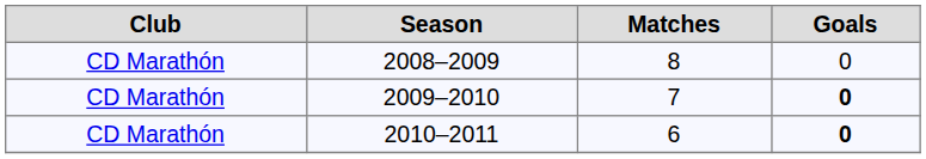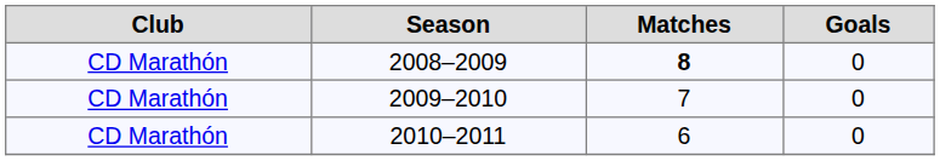 <table align="center" bgcolor="#f7f8ff" cellpadding="3" cellspacing="0" border="1" style="font-size: 95%; border: gray solid 1px; border-collapse: collapse;">
 <tr align=center bgcolor=#DDDDDD style="color:black;">
 <th width="190">Club</th>
 <th width="170">Season</th>
 <th width="120">Matches</th>
 <th width="90">Goals</th>
 </tr>
 <tr align=center>
 <td><a href='#'>CD Marathón</a></td>
 <td>2008–2009</td>
-<td>8</td>
+<td><strong>8</strong></td>
 <td>0</td>
 </tr>
 <tr align=center>
 <td><a href='#'>CD Marathón</a></td>
 <td>2009–2010</td>
 <td>7</td>
-<td><strong>0</strong></td>
+<td>0</td>
 </tr>
 <tr align=center>
 <td><a href='#'>CD Marathón</a></td>
 <td>2010–2011</td>
 <td>6</td>
-<td><strong>0</strong></td>
+<td>0</td>
 </tr>
 <tr align=center>
 </tr>
 </table>
